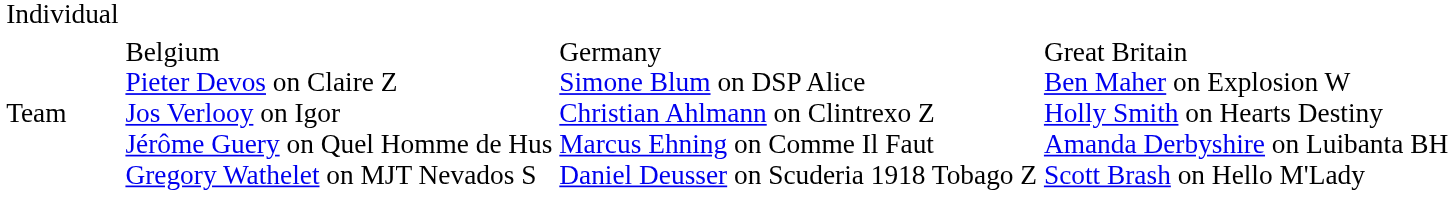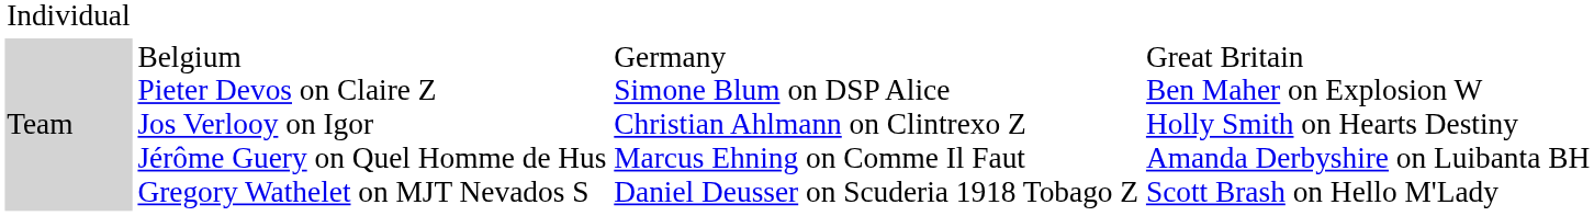 <table>
 <tr>
 <td>Individual</td>
 <td></td>
 <td></td>
 <td></td>
 </tr>
 <tr>
-<td>Team</td>
+<td style="background: lightgrey;">Team</td>
 <td> Belgium <br><a href='#'>Pieter Devos</a> on Claire Z<br><a href='#'>Jos Verlooy</a> on Igor<br><a href='#'>Jérôme Guery</a> on Quel Homme de Hus<br><a href='#'>Gregory Wathelet</a> on MJT Nevados S</td>
 <td> Germany <br><a href='#'>Simone Blum</a> on DSP Alice<br><a href='#'>Christian Ahlmann</a> on Clintrexo Z<br><a href='#'>Marcus Ehning</a> on Comme Il Faut<br><a href='#'>Daniel Deusser</a> on Scuderia 1918 Tobago Z</td>
 <td> Great Britain <br><a href='#'>Ben Maher</a> on Explosion W<br><a href='#'>Holly Smith</a> on Hearts Destiny<br><a href='#'>Amanda Derbyshire</a> on Luibanta BH<br><a href='#'>Scott Brash</a> on Hello M'Lady</td>
 </tr>
 </table>
